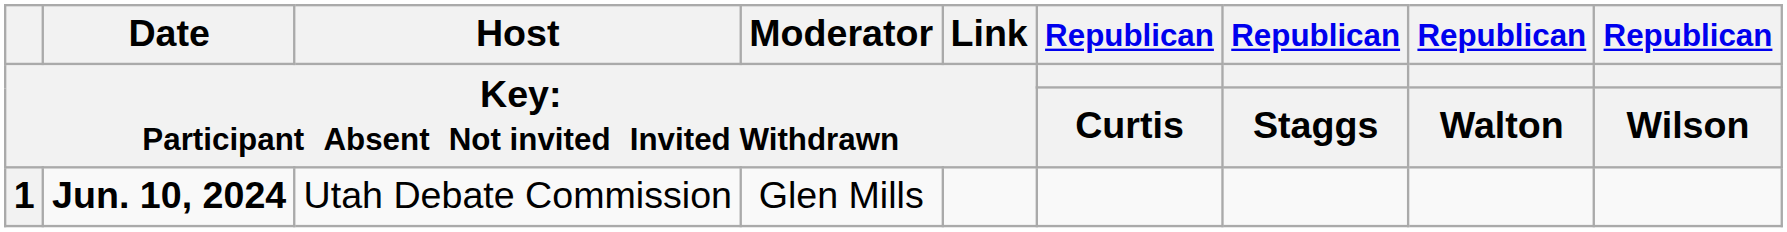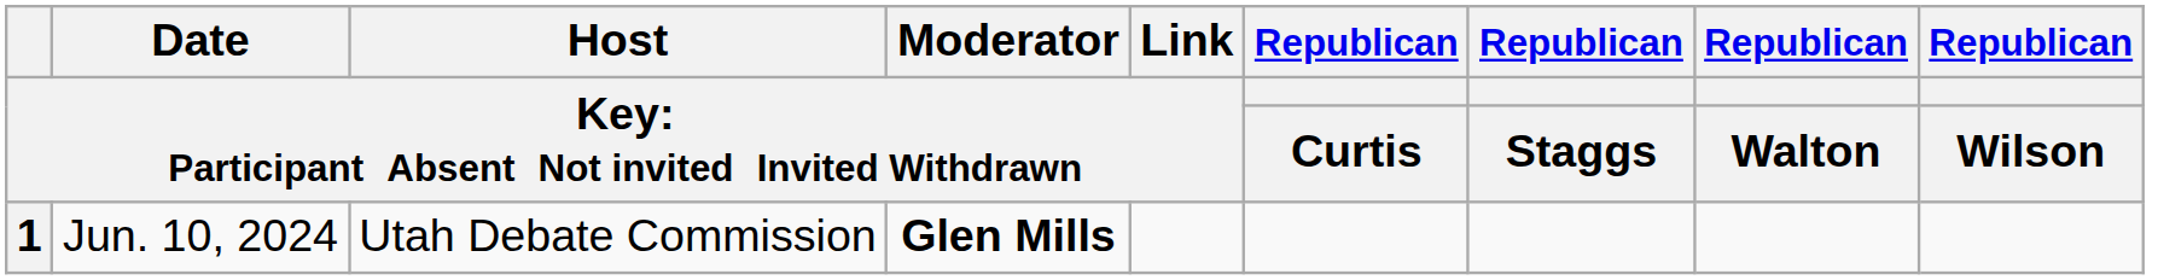 <table class="wikitable" style="text-align:center;">
 <tr>
 <th scope="col"></th>
 <th scope="col">Date</th>
 <th scope="col">Host</th>
 <th scope="col">Moderator</th>
 <th scope="col">Link</th>
 <th scope="col"><small><a href='#'>Republican</a></small></th>
 <th scope="col"><small><a href='#'>Republican</a></small></th>
 <th scope="col"><small><a href='#'>Republican</a></small></th>
 <th scope="col"><small><a href='#'>Republican</a></small></th>
 </tr>
 <tr>
 <th colspan="5" rowspan="2">Key:<br> <small>Participant </small>  <small>Absent </small>  <small>Not invited </small>  <small>Invited  Withdrawn</small></th>
 <th scope="col" style="background:"></th>
 <th scope="col" style="background:"></th>
 <th scope="col" style="background:"></th>
 <th scope="col" style="background:"></th>
 </tr>
 <tr>
 <th scope="col">Curtis</th>
 <th scope="col">Staggs</th>
 <th scope="col">Walton</th>
 <th scope="col">Wilson</th>
 </tr>
 <tr>
 <th>1</th>
-<td style="white-space:nowrap;"><strong>Jun. 10, 2024</strong></td>
+<td style="white-space:nowrap;">Jun. 10, 2024</td>
 <td style="white-space:nowrap;">Utah Debate Commission</td>
-<td style="white-space:nowrap;">Glen Mills</td>
+<td style="white-space:nowrap;"><strong>Glen Mills</strong></td>
 <td style="white-space:nowrap;"></td>
 <td></td>
 <td></td>
 <td></td>
 <td></td>
 </tr>
 </table>
